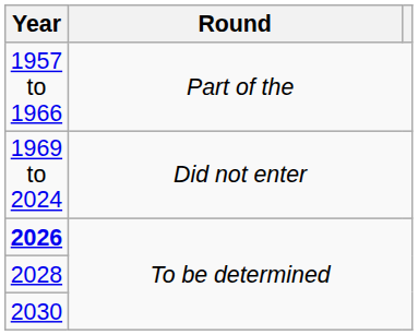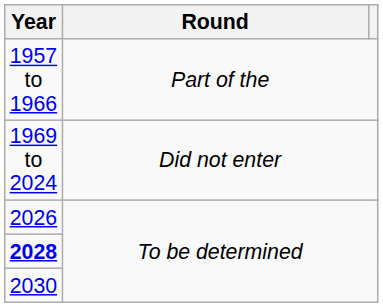 <table class="wikitable" style="text-align: center; font-size:90%">
 <tr>
 <th>Year</th>
 <th style="width:200px">Round</th>
 <th></th>
 </tr>
 <tr>
 <td><a href='#'>1957</a><br>to<br><a href='#'>1966</a></td>
 <td colspan="2"><em>Part of the </em></td>
 </tr>
 <tr>
 <td><a href='#'>1969</a><br>to<br><a href='#'>2024</a></td>
 <td colspan="2"><em>Did not enter</em></td>
 </tr>
 <tr>
-<td><strong><a href='#'>2026</a></strong></td>
+<td><a href='#'>2026</a></td>
 <td colspan="2" rowspan="3"><em>To be determined</em></td>
 </tr>
 <tr>
-<td><a href='#'>2028</a></td>
+<td><strong><a href='#'>2028</a></strong></td>
 </tr>
 <tr>
 <td><a href='#'>2030</a></td>
 </tr>
 </table>
